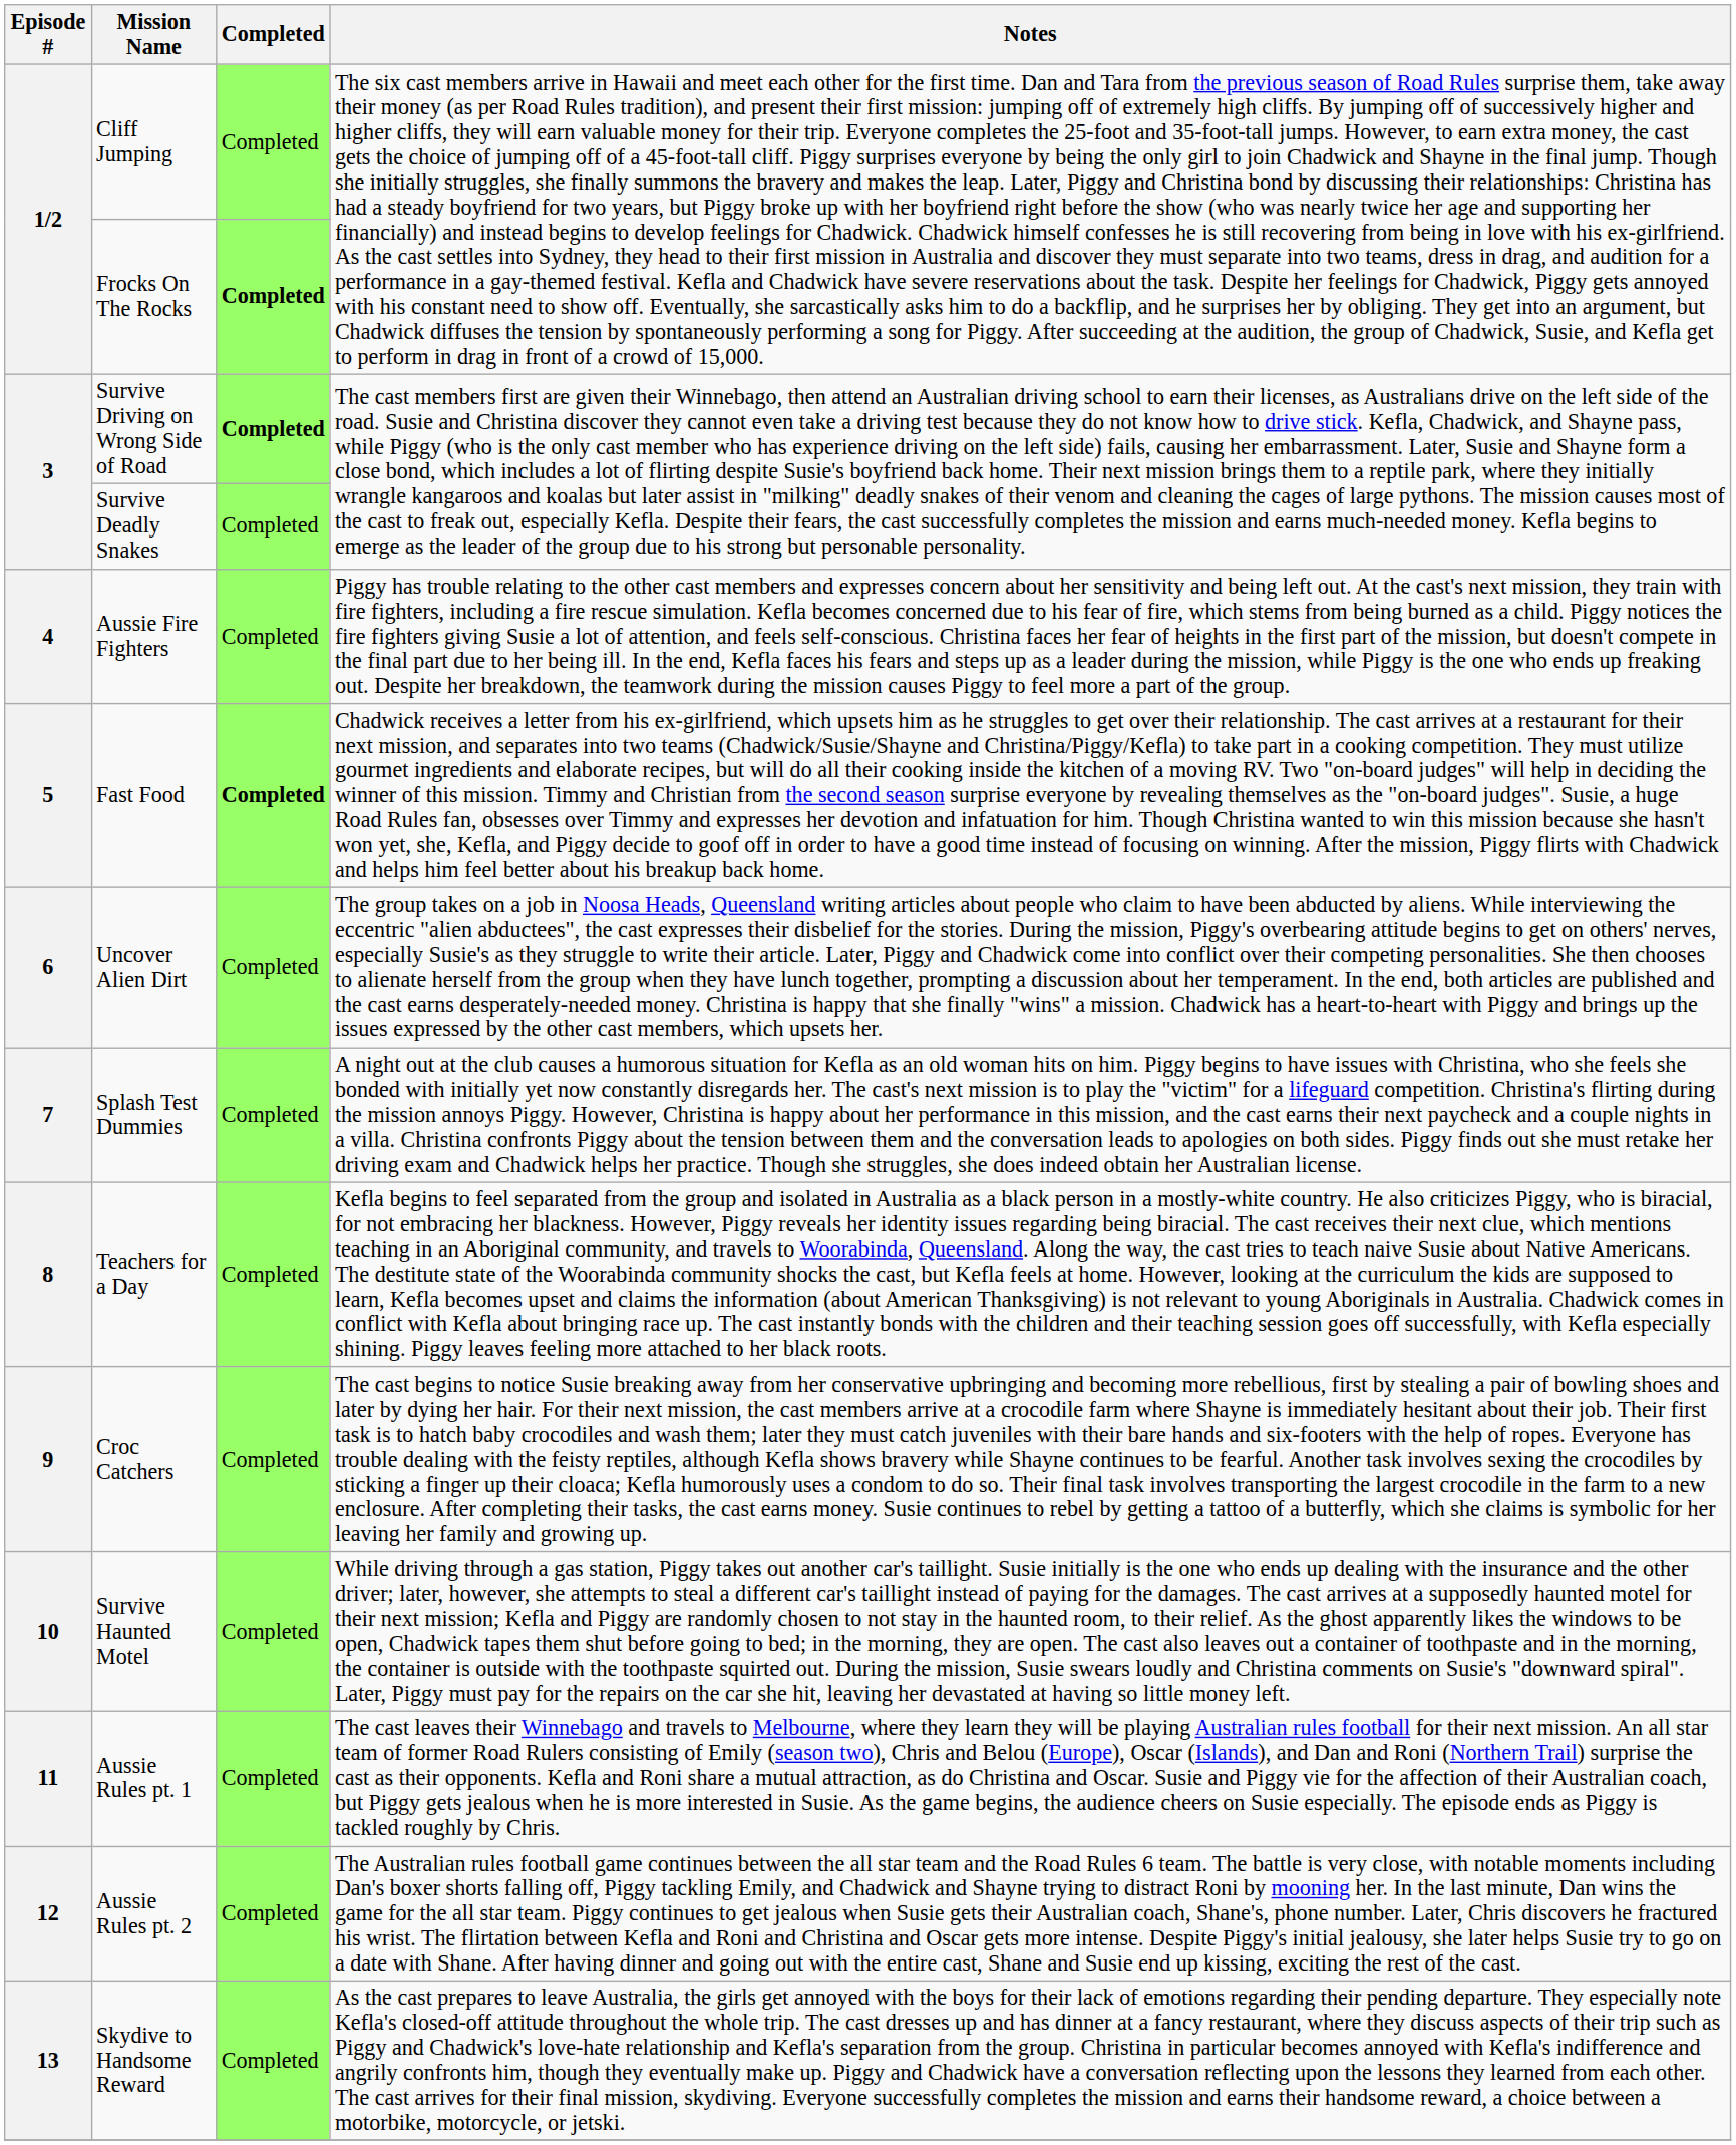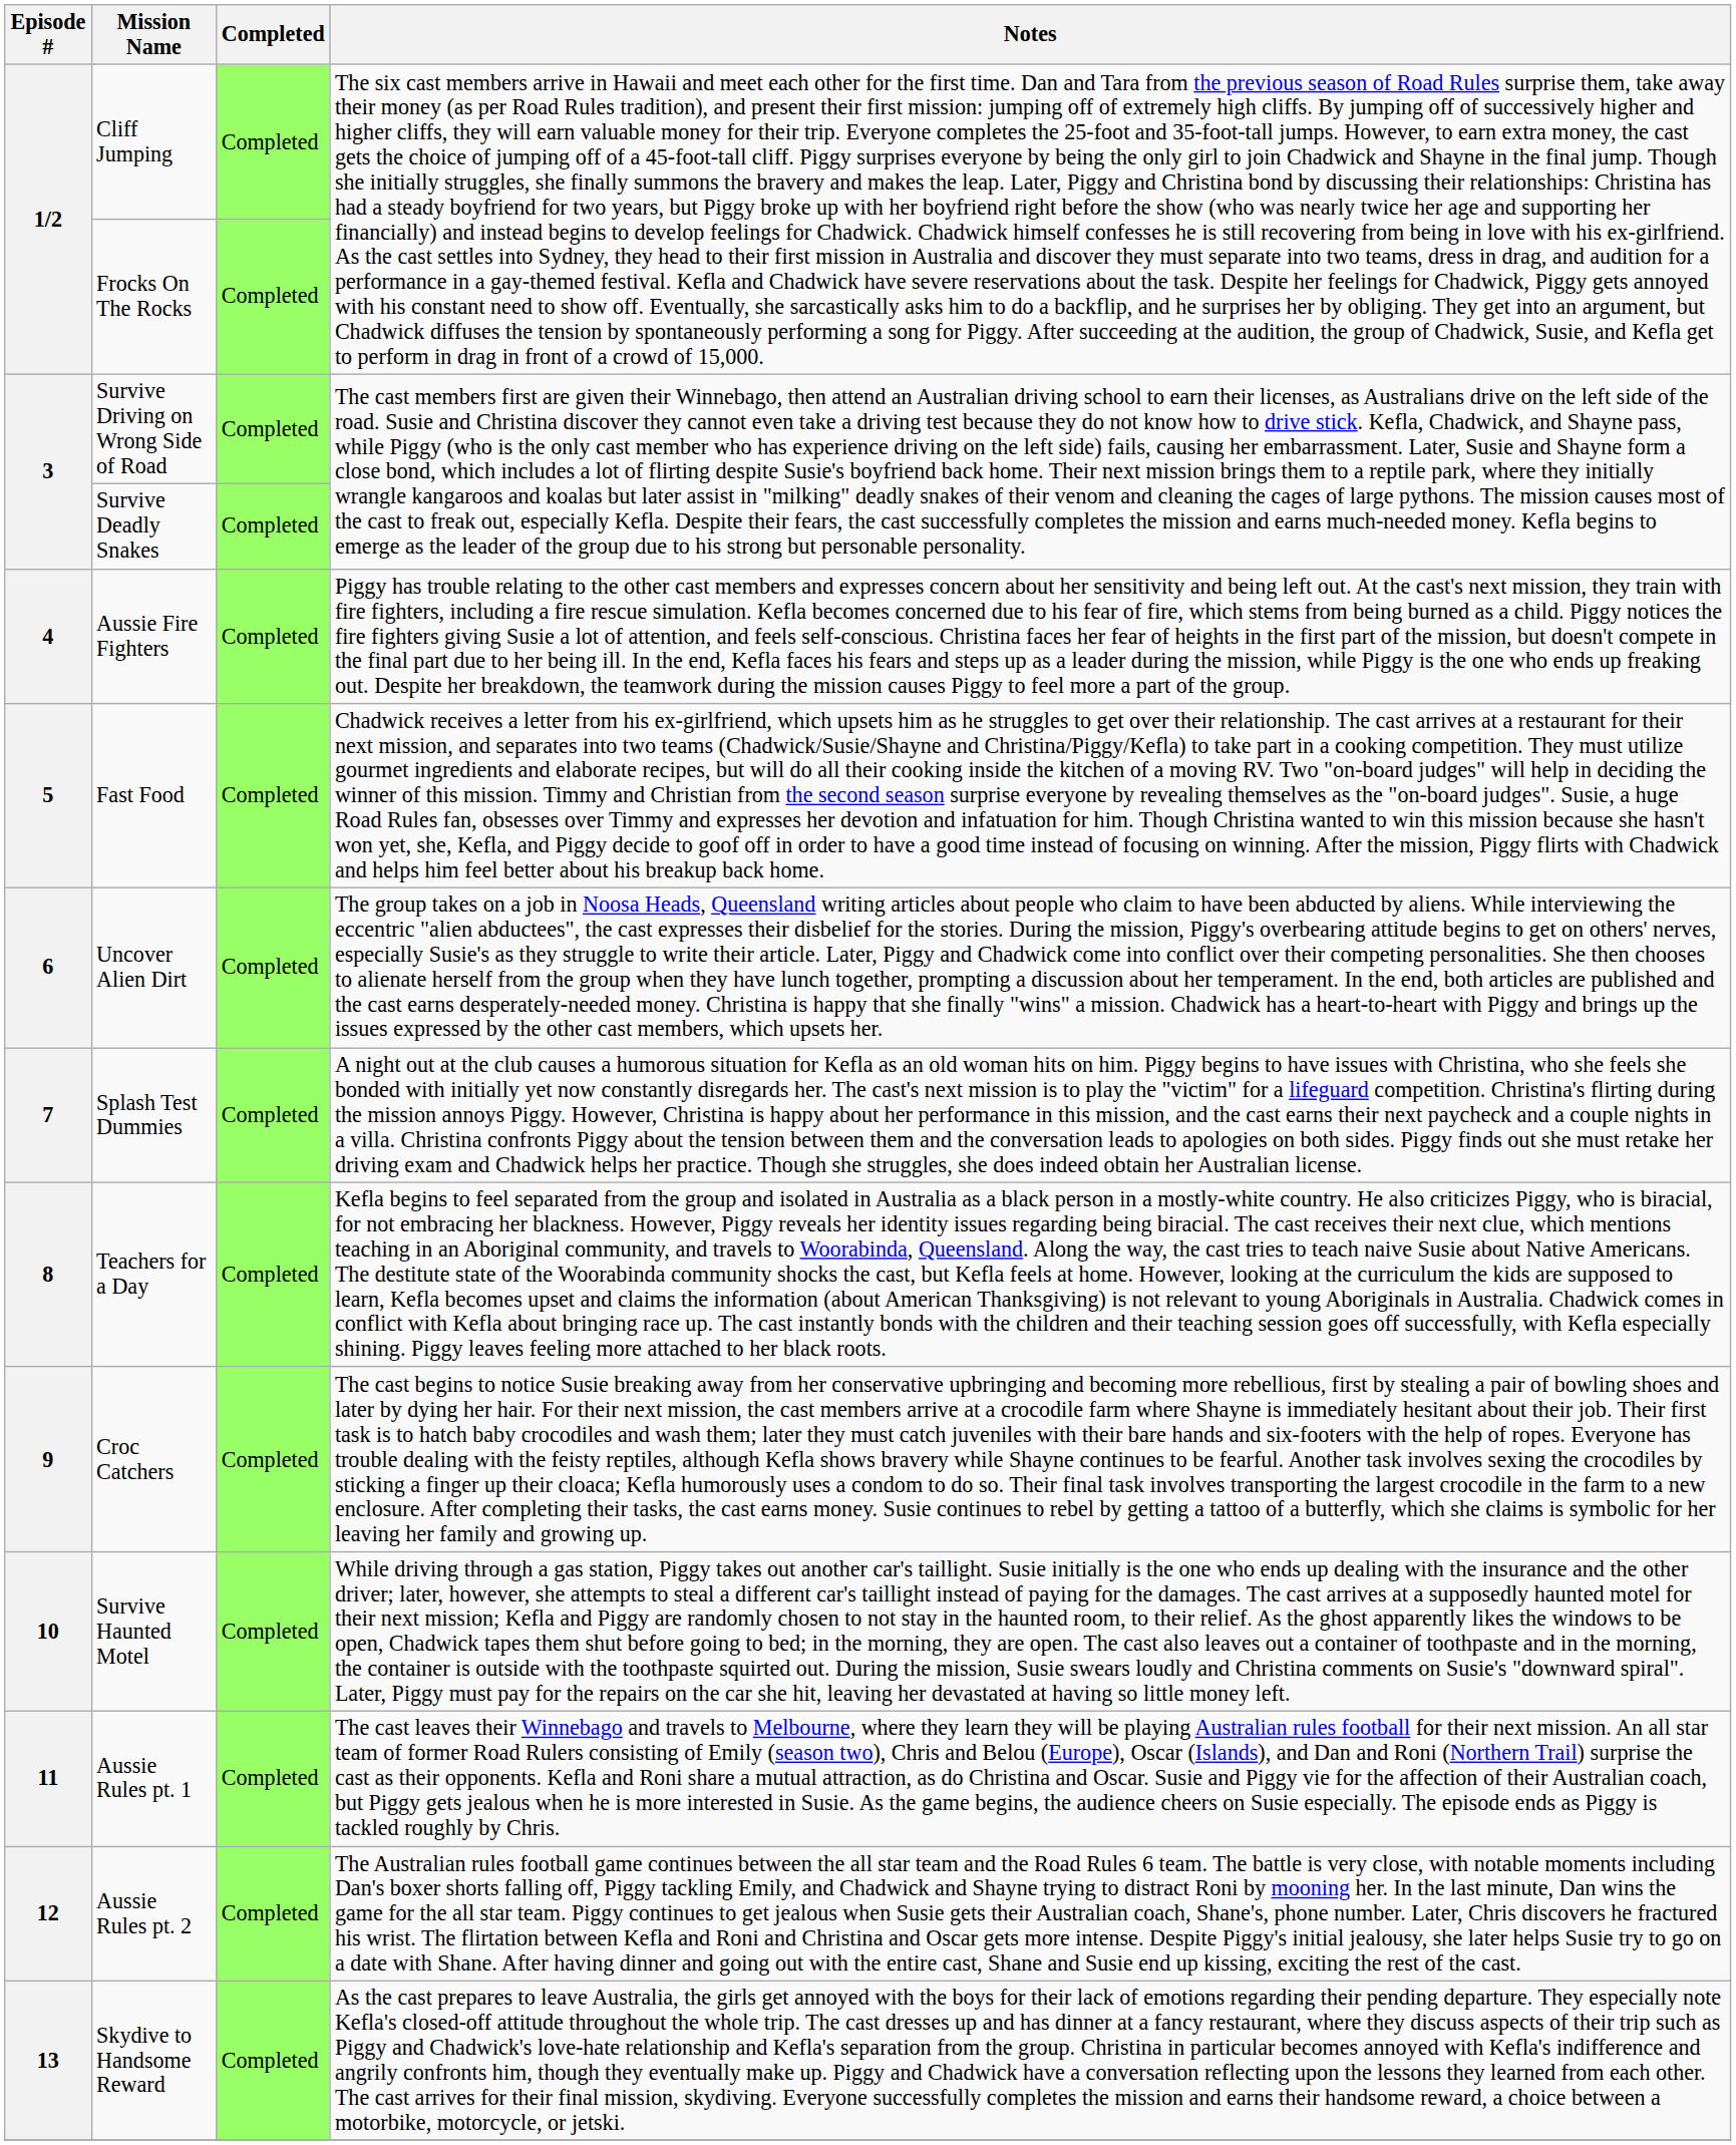 <table class="wikitable">
 <tr>
 <th>Episode #</th>
 <th>Mission Name</th>
 <th>Completed</th>
 <th>Notes</th>
 </tr>
 <tr>
 <th rowspan="2">1/2</th>
 <td>Cliff Jumping</td>
 <td bgcolor="#99FF66">Completed</td>
 <td rowspan="2">The six cast members arrive in Hawaii and meet each other for the first time. Dan and Tara from <a href='#'>the previous season of Road Rules</a> surprise them, take away their money (as per Road Rules tradition), and present their first mission: jumping off of extremely high cliffs. By jumping off of successively higher and higher cliffs, they will earn valuable money for their trip. Everyone completes the 25-foot and 35-foot-tall jumps. However, to earn extra money, the cast gets the choice of jumping off of a 45-foot-tall cliff. Piggy surprises everyone by being the only girl to join Chadwick and Shayne in the final jump. Though she initially struggles, she finally summons the bravery and makes the leap. Later, Piggy and Christina bond by discussing their relationships: Christina has had a steady boyfriend for two years, but Piggy broke up with her boyfriend right before the show (who was nearly twice her age and supporting her financially) and instead begins to develop feelings for Chadwick. Chadwick himself confesses he is still recovering from being in love with his ex-girlfriend. As the cast settles into Sydney, they head to their first mission in Australia and discover they must separate into two teams, dress in drag, and audition for a performance in a gay-themed festival. Kefla and Chadwick have severe reservations about the task. Despite her feelings for Chadwick, Piggy gets annoyed with his constant need to show off. Eventually, she sarcastically asks him to do a backflip, and he surprises her by obliging. They get into an argument, but Chadwick diffuses the tension by spontaneously performing a song for Piggy. After succeeding at the audition, the group of Chadwick, Susie, and Kefla get to perform in drag in front of a crowd of 15,000.</td>
 </tr>
 <tr>
 <td>Frocks On The Rocks</td>
-<td bgcolor="#99FF66"><strong>Completed</strong></td>
+<td bgcolor="#99FF66">Completed</td>
 </tr>
 <tr>
 <th rowspan="2">3</th>
 <td>Survive Driving on Wrong Side of Road</td>
-<td bgcolor="#99FF66"><strong>Completed</strong></td>
+<td bgcolor="#99FF66">Completed</td>
 <td rowspan="2">The cast members first are given their Winnebago, then attend an Australian driving school to earn their licenses, as Australians drive on the left side of the road. Susie and Christina discover they cannot even take a driving test because they do not know how to <a href='#'>drive stick</a>. Kefla, Chadwick, and Shayne pass, while Piggy (who is the only cast member who has experience driving on the left side) fails, causing her embarrassment. Later, Susie and Shayne form a close bond, which includes a lot of flirting despite Susie's boyfriend back home. Their next mission brings them to a reptile park, where they initially wrangle kangaroos and koalas but later assist in "milking" deadly snakes of their venom and cleaning the cages of large pythons. The mission causes most of the cast to freak out, especially Kefla. Despite their fears, the cast successfully completes the mission and earns much-needed money. Kefla begins to emerge as the leader of the group due to his strong but personable personality.</td>
 </tr>
 <tr>
 <td>Survive Deadly Snakes</td>
 <td bgcolor="#99FF66">Completed</td>
 </tr>
 <tr>
 <th>4</th>
 <td>Aussie Fire Fighters</td>
 <td bgcolor="#99FF66">Completed</td>
 <td>Piggy has trouble relating to the other cast members and expresses concern about her sensitivity and being left out. At the cast's next mission, they train with fire fighters, including a fire rescue simulation. Kefla becomes concerned due to his fear of fire, which stems from being burned as a child. Piggy notices the fire fighters giving Susie a lot of attention, and feels self-conscious. Christina faces her fear of heights in the first part of the mission, but doesn't compete in the final part due to her being ill. In the end, Kefla faces his fears and steps up as a leader during the mission, while Piggy is the one who ends up freaking out. Despite her breakdown, the teamwork during the mission causes Piggy to feel more a part of the group.</td>
 </tr>
 <tr>
 <th>5</th>
 <td>Fast Food</td>
-<td bgcolor="#99FF66"><strong>Completed</strong></td>
+<td bgcolor="#99FF66">Completed</td>
 <td>Chadwick receives a letter from his ex-girlfriend, which upsets him as he struggles to get over their relationship. The cast arrives at a restaurant for their next mission, and separates into two teams (Chadwick/Susie/Shayne and Christina/Piggy/Kefla) to take part in a cooking competition. They must utilize gourmet ingredients and elaborate recipes, but will do all their cooking inside the kitchen of a moving RV. Two "on-board judges" will help in deciding the winner of this mission. Timmy and Christian from <a href='#'>the second season</a> surprise everyone by revealing themselves as the "on-board judges". Susie, a huge Road Rules fan, obsesses over Timmy and expresses her devotion and infatuation for him. Though Christina wanted to win this mission because she hasn't won yet, she, Kefla, and Piggy decide to goof off in order to have a good time instead of focusing on winning. After the mission, Piggy flirts with Chadwick and helps him feel better about his breakup back home.</td>
 </tr>
 <tr>
 <th>6</th>
 <td>Uncover Alien Dirt</td>
 <td bgcolor="#99FF66">Completed</td>
 <td>The group takes on a job in <a href='#'>Noosa Heads</a>, <a href='#'>Queensland</a> writing articles about people who claim to have been abducted by aliens. While interviewing the eccentric "alien abductees", the cast expresses their disbelief for the stories. During the mission, Piggy's overbearing attitude begins to get on others' nerves, especially Susie's as they struggle to write their article. Later, Piggy and Chadwick come into conflict over their competing personalities. She then chooses to alienate herself from the group when they have lunch together, prompting a discussion about her temperament. In the end, both articles are published and the cast earns desperately-needed money. Christina is happy that she finally "wins" a mission. Chadwick has a heart-to-heart with Piggy and brings up the issues expressed by the other cast members, which upsets her.</td>
 </tr>
 <tr>
 <th>7</th>
 <td>Splash Test Dummies</td>
 <td bgcolor="#99FF66">Completed</td>
 <td>A night out at the club causes a humorous situation for Kefla as an old woman hits on him. Piggy begins to have issues with Christina, who she feels she bonded with initially yet now constantly disregards her. The cast's next mission is to play the "victim" for a <a href='#'>lifeguard</a> competition. Christina's flirting during the mission annoys Piggy. However, Christina is happy about her performance in this mission, and the cast earns their next paycheck and a couple nights in a villa. Christina confronts Piggy about the tension between them and the conversation leads to apologies on both sides. Piggy finds out she must retake her driving exam and Chadwick helps her practice. Though she struggles, she does indeed obtain her Australian license.</td>
 </tr>
 <tr>
 <th>8</th>
 <td>Teachers for a Day</td>
 <td bgcolor="#99FF66">Completed</td>
 <td>Kefla begins to feel separated from the group and isolated in Australia as a black person in a mostly-white country. He also criticizes Piggy, who is biracial, for not embracing her blackness. However, Piggy reveals her identity issues regarding being biracial. The cast receives their next clue, which mentions teaching in an Aboriginal community, and travels to <a href='#'>Woorabinda</a>, <a href='#'>Queensland</a>. Along the way, the cast tries to teach naive Susie about Native Americans. The destitute state of the Woorabinda community shocks the cast, but Kefla feels at home. However, looking at the curriculum the kids are supposed to learn, Kefla becomes upset and claims the information (about American Thanksgiving) is not relevant to young Aboriginals in Australia. Chadwick comes in conflict with Kefla about bringing race up. The cast instantly bonds with the children and their teaching session goes off successfully, with Kefla especially shining. Piggy leaves feeling more attached to her black roots.</td>
 </tr>
 <tr>
 <th>9</th>
 <td>Croc Catchers</td>
 <td bgcolor="#99FF66">Completed</td>
 <td>The cast begins to notice Susie breaking away from her conservative upbringing and becoming more rebellious, first by stealing a pair of bowling shoes and later by dying her hair. For their next mission, the cast members arrive at a crocodile farm where Shayne is immediately hesitant about their job. Their first task is to hatch baby crocodiles and wash them; later they must catch juveniles with their bare hands and six-footers with the help of ropes. Everyone has trouble dealing with the feisty reptiles, although Kefla shows bravery while Shayne continues to be fearful. Another task involves sexing the crocodiles by sticking a finger up their cloaca; Kefla humorously uses a condom to do so. Their final task involves transporting the largest crocodile in the farm to a new enclosure. After completing their tasks, the cast earns money. Susie continues to rebel by getting a tattoo of a butterfly, which she claims is symbolic for her leaving her family and growing up.</td>
 </tr>
 <tr>
 <th>10</th>
 <td>Survive Haunted Motel</td>
 <td bgcolor="#99FF66">Completed</td>
 <td>While driving through a gas station, Piggy takes out another car's taillight. Susie initially is the one who ends up dealing with the insurance and the other driver; later, however, she attempts to steal a different car's taillight instead of paying for the damages. The cast arrives at a supposedly haunted motel for their next mission; Kefla and Piggy are randomly chosen to not stay in the haunted room, to their relief. As the ghost apparently likes the windows to be open, Chadwick tapes them shut before going to bed; in the morning, they are open. The cast also leaves out a container of toothpaste and in the morning, the container is outside with the toothpaste squirted out. During the mission, Susie swears loudly and Christina comments on Susie's "downward spiral". Later, Piggy must pay for the repairs on the car she hit, leaving her devastated at having so little money left.</td>
 </tr>
 <tr>
 <th>11</th>
 <td>Aussie Rules pt. 1</td>
 <td bgcolor="#99FF66">Completed</td>
 <td>The cast leaves their <a href='#'>Winnebago</a> and travels to <a href='#'>Melbourne</a>, where they learn they will be playing <a href='#'>Australian rules football</a> for their next mission. An all star team of former Road Rulers consisting of Emily (<a href='#'>season two</a>), Chris and Belou (<a href='#'>Europe</a>), Oscar (<a href='#'>Islands</a>), and Dan and Roni (<a href='#'>Northern Trail</a>) surprise the cast as their opponents. Kefla and Roni share a mutual attraction, as do Christina and Oscar. Susie and Piggy vie for the affection of their Australian coach, but Piggy gets jealous when he is more interested in Susie. As the game begins, the audience cheers on Susie especially. The episode ends as Piggy is tackled roughly by Chris.</td>
 </tr>
 <tr>
 <th>12</th>
 <td>Aussie Rules pt. 2</td>
 <td bgcolor="#99FF66">Completed</td>
 <td>The Australian rules football game continues between the all star team and the Road Rules 6 team. The battle is very close, with notable moments including Dan's boxer shorts falling off, Piggy tackling Emily, and Chadwick and Shayne trying to distract Roni by <a href='#'>mooning</a> her. In the last minute, Dan wins the game for the all star team. Piggy continues to get jealous when Susie gets their Australian coach, Shane's, phone number. Later, Chris discovers he fractured his wrist. The flirtation between Kefla and Roni and Christina and Oscar gets more intense. Despite Piggy's initial jealousy, she later helps Susie try to go on a date with Shane. After having dinner and going out with the entire cast, Shane and Susie end up kissing, exciting the rest of the cast.</td>
 </tr>
 <tr>
 <th>13</th>
 <td>Skydive to Handsome Reward</td>
 <td bgcolor="#99FF66">Completed</td>
 <td>As the cast prepares to leave Australia, the girls get annoyed with the boys for their lack of emotions regarding their pending departure. They especially note Kefla's closed-off attitude throughout the whole trip. The cast dresses up and has dinner at a fancy restaurant, where they discuss aspects of their trip such as Piggy and Chadwick's love-hate relationship and Kefla's separation from the group. Christina in particular becomes annoyed with Kefla's indifference and angrily confronts him, though they eventually make up. Piggy and Chadwick have a conversation reflecting upon the lessons they learned from each other. The cast arrives for their final mission, skydiving. Everyone successfully completes the mission and earns their handsome reward, a choice between a motorbike, motorcycle, or jetski.</td>
 </tr>
 <tr>
 </tr>
 </table>
